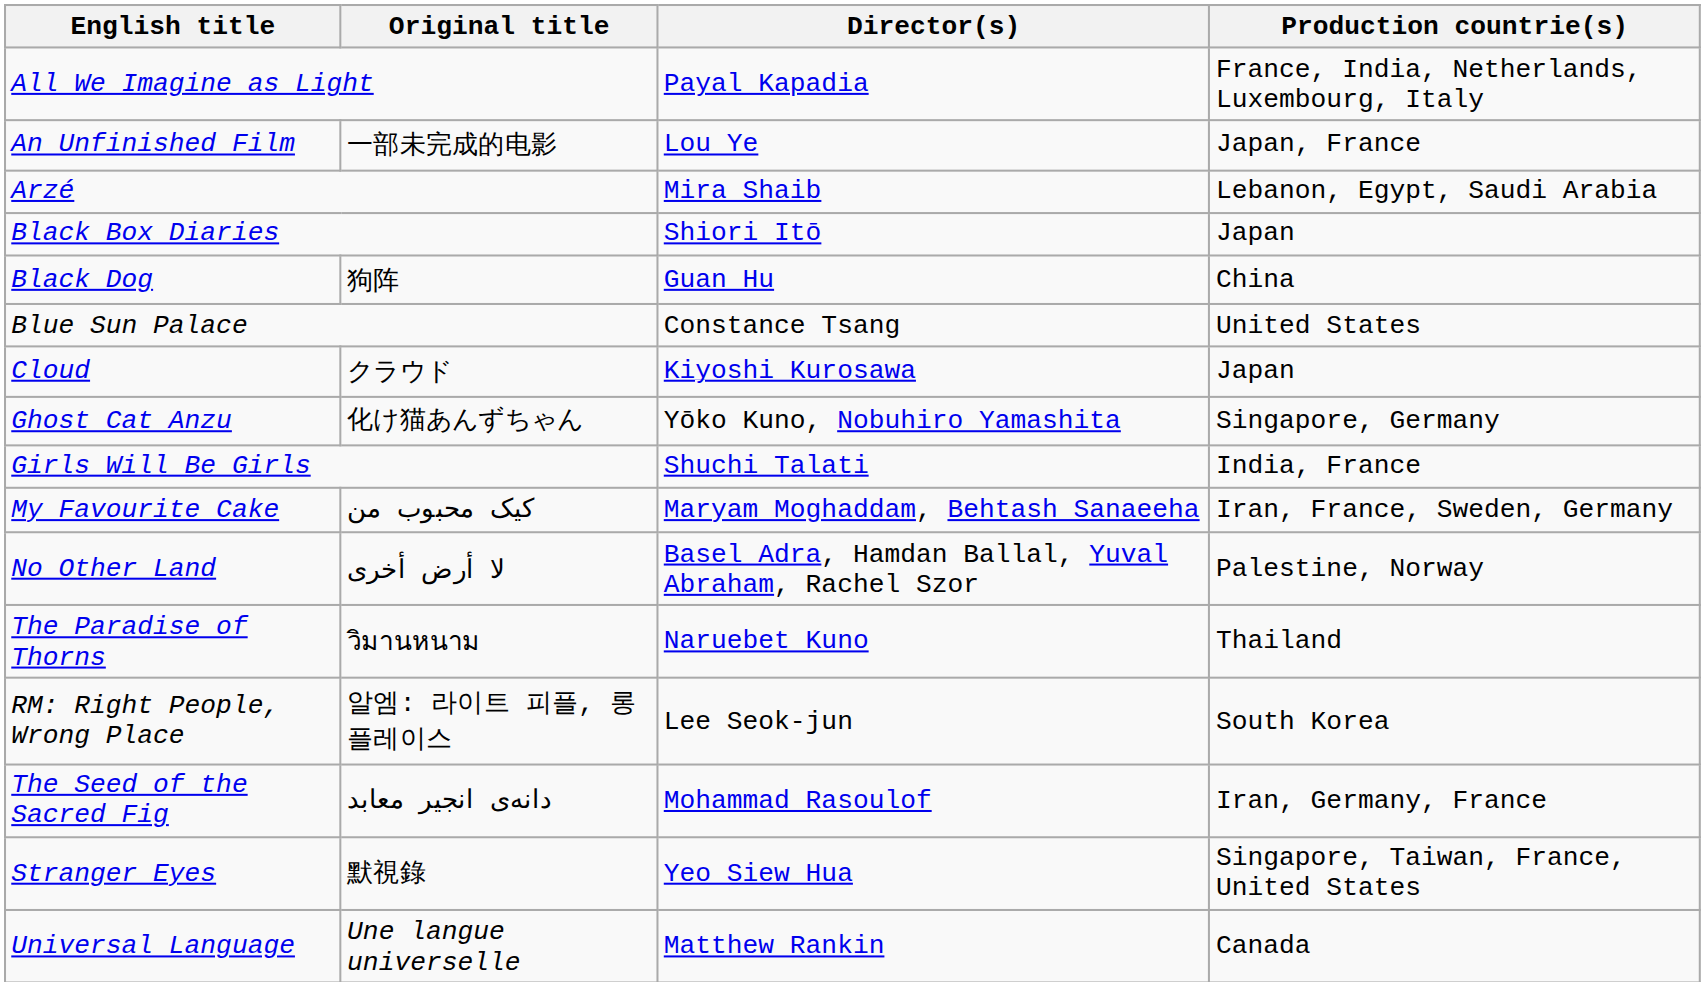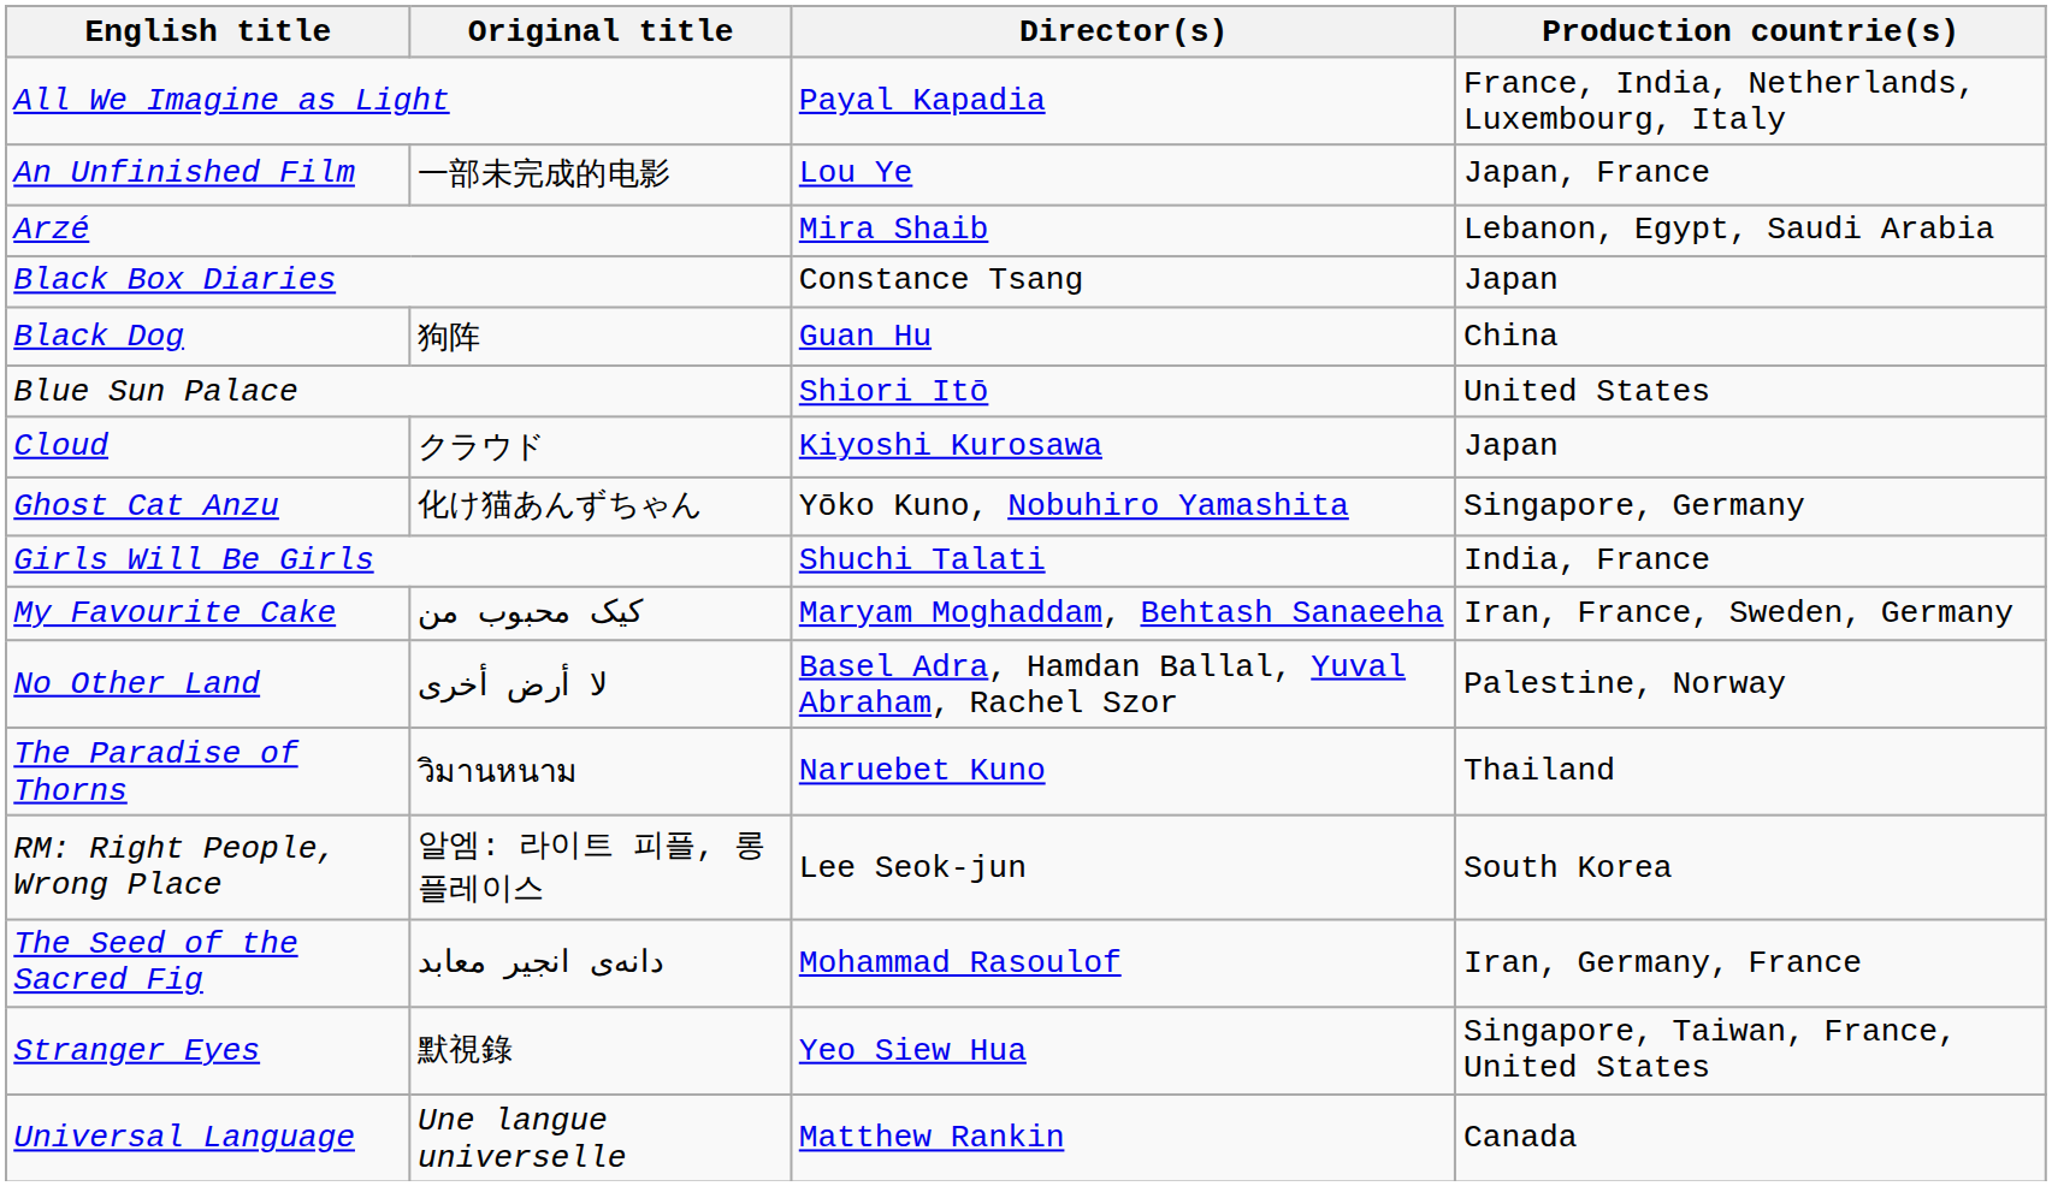 <table class="wikitable" style="width:95%; margin-bottom:2px">
 <tr>
 <th>English title</th>
 <th>Original title</th>
 <th>Director(s)</th>
 <th>Production countrie(s)</th>
 </tr>
 <tr>
 <td colspan="2"><em><a href='#'>All We Imagine as Light</a></em></td>
 <td><a href='#'>Payal Kapadia</a></td>
 <td>France, India, Netherlands, Luxembourg, Italy</td>
 </tr>
 <tr>
 <td><em><a href='#'>An Unfinished Film</a></em></td>
 <td>一部未完成的电影</td>
 <td><a href='#'>Lou Ye</a></td>
 <td>Japan, France</td>
 </tr>
 <tr>
 <td colspan="2"><em><a href='#'>Arzé</a></em></td>
 <td><a href='#'>Mira Shaib</a></td>
 <td>Lebanon, Egypt, Saudi Arabia</td>
 </tr>
 <tr>
 <td colspan="2"><em><a href='#'>Black Box Diaries</a></em></td>
-<td><a href='#'>Shiori Itō</a></td>
+<td>Constance Tsang</td>
 <td>Japan</td>
 </tr>
 <tr>
 <td><em><a href='#'>Black Dog</a></em></td>
 <td>狗阵</td>
 <td><a href='#'>Guan Hu</a></td>
 <td>China</td>
 </tr>
 <tr>
 <td colspan="2"><em>Blue Sun Palace</em></td>
-<td>Constance Tsang</td>
+<td><a href='#'>Shiori Itō</a></td>
 <td>United States</td>
 </tr>
 <tr>
 <td><em><a href='#'>Cloud</a></em></td>
 <td>クラウド</td>
 <td><a href='#'>Kiyoshi Kurosawa</a></td>
 <td>Japan</td>
 </tr>
 <tr>
 <td><em><a href='#'>Ghost Cat Anzu</a></em></td>
 <td>化け猫あんずちゃん</td>
 <td>Yōko Kuno, <a href='#'>Nobuhiro Yamashita</a></td>
 <td>Singapore, Germany</td>
 </tr>
 <tr>
 <td colspan="2"><em><a href='#'>Girls Will Be Girls</a></em></td>
 <td><a href='#'>Shuchi Talati</a></td>
 <td>India, France</td>
 </tr>
 <tr>
 <td><em><a href='#'>My Favourite Cake</a></em></td>
 <td>کیک محبوب من</td>
 <td><a href='#'>Maryam Moghaddam</a>, <a href='#'>Behtash Sanaeeha</a></td>
 <td>Iran, France, Sweden, Germany</td>
 </tr>
 <tr>
 <td><em><a href='#'>No Other Land</a></em></td>
 <td>لا أرض أخرى</td>
 <td><a href='#'>Basel Adra</a>, Hamdan Ballal, <a href='#'>Yuval Abraham</a>, Rachel Szor</td>
 <td>Palestine, Norway</td>
 </tr>
 <tr>
 <td><em><a href='#'>The Paradise of Thorns</a></em></td>
 <td>วิมานหนาม</td>
 <td><a href='#'>Naruebet Kuno</a></td>
 <td>Thailand</td>
 </tr>
 <tr>
 <td><em>RM: Right People, Wrong Place</em></td>
 <td>알엠: 라이트 피플, 롱 플레이스</td>
 <td>Lee Seok-jun</td>
 <td>South Korea</td>
 </tr>
 <tr>
 <td><em><a href='#'>The Seed of the Sacred Fig</a></em></td>
 <td>دانه‌ی انجیر معابد</td>
 <td><a href='#'>Mohammad Rasoulof</a></td>
 <td>Iran, Germany, France</td>
 </tr>
 <tr>
 <td><em><a href='#'>Stranger Eyes</a></em></td>
 <td>默視錄</td>
 <td><a href='#'>Yeo Siew Hua</a></td>
 <td>Singapore, Taiwan, France, United States</td>
 </tr>
 <tr>
 <td><em><a href='#'>Universal Language</a></em></td>
 <td><em>Une langue universelle</em></td>
 <td><a href='#'>Matthew Rankin</a></td>
 <td>Canada</td>
 </tr>
 <tr>
 </tr>
 </table>
